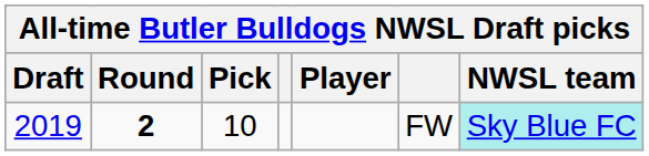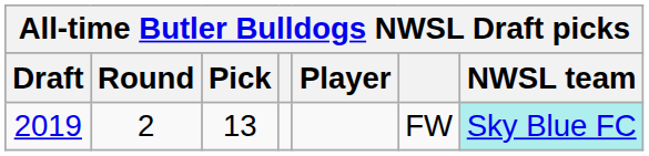 <table class="wikitable sortable" style="text-align: center;">
 <tr>
 <th colspan="7" style="background:#">All-time <a href='#'><span>Butler Bulldogs</span></a> NWSL Draft picks</th>
 </tr>
 <tr>
 <th scope="col">Draft</th>
 <th scope="col">Round</th>
 <th scope="col">Pick</th>
 <th scope="col"></th>
 <th scope="col">Player</th>
 <th scope="col"></th>
 <th scope="col">NWSL team</th>
 </tr>
 <tr>
 <td><a href='#'>2019</a></td>
-<td><strong>2</strong></td>
-<td>10</td>
+<td>2</td>
+<td>13</td>
 <td></td>
 <td></td>
 <td>FW</td>
 <td style="background: paleturquoise;"><a href='#'>Sky Blue FC</a></td>
 </tr>
 </table>
